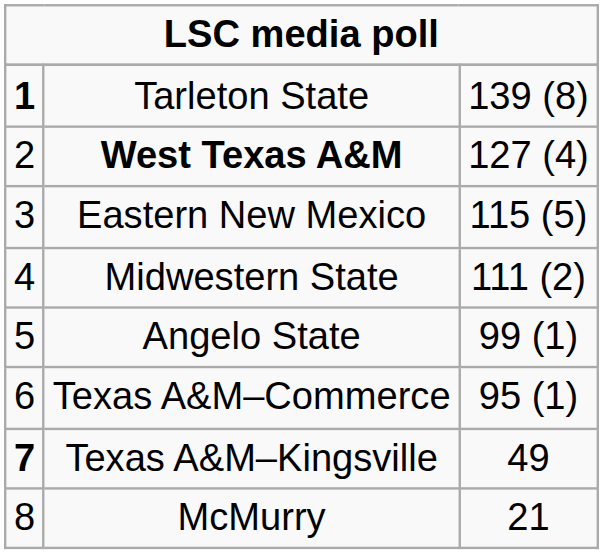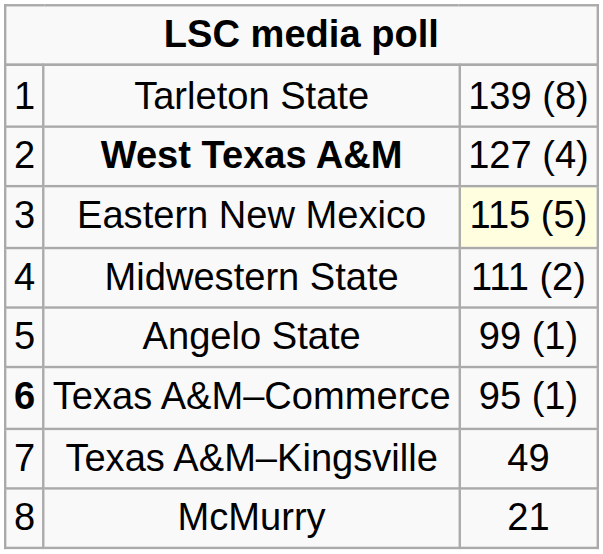 <table class="wikitable" style="display: inline-table;">
 <tr>
 <td align="center" Colspan="3"><strong>LSC media poll</strong></td>
 </tr>
 <tr align="center">
 </tr>
 <tr align="center">
-<td><strong>1</strong></td>
+<td>1</td>
 <td>Tarleton State</td>
 <td>139 (8)</td>
 </tr>
 <tr align="center">
 <td>2</td>
 <td><strong>West Texas A&M</strong></td>
 <td>127 (4)</td>
 </tr>
 <tr align="center">
 <td>3</td>
 <td>Eastern New Mexico</td>
-<td>115 (5)</td>
+<td style="background: lightyellow;">115 (5)</td>
 </tr>
 <tr align="center">
 <td>4</td>
 <td>Midwestern State</td>
 <td>111 (2)</td>
 </tr>
 <tr align="center">
 <td>5</td>
 <td>Angelo State</td>
 <td>99 (1)</td>
 </tr>
 <tr align="center">
-<td>6</td>
+<td><strong>6</strong></td>
 <td>Texas A&M–Commerce</td>
 <td>95 (1)</td>
 </tr>
 <tr align="center">
-<td><strong>7</strong></td>
+<td>7</td>
 <td>Texas A&M–Kingsville</td>
 <td>49</td>
 </tr>
 <tr align="center">
 <td>8</td>
 <td>McMurry</td>
 <td>21</td>
 </tr>
 </table>
